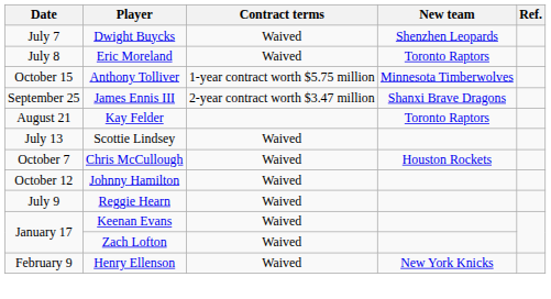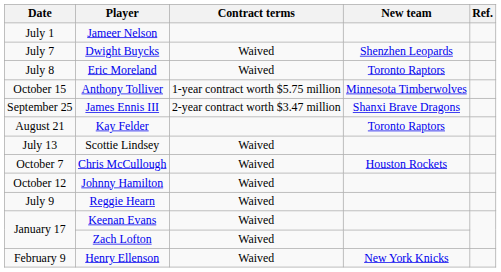 <table class="wikitable sortable sortable" style="text-align: center">
 <tr>
 <th>Date</th>
 <th>Player</th>
 <th>Contract terms</th>
 <th>New team</th>
 <th>Ref.</th>
+</tr>
+<tr style="text-align: center">
+<td>July 1</td>
+<td><a href='#'>Jameer Nelson</a></td>
+<td></td>
+<td></td>
+<td></td>
 </tr>
 <tr style="text-align: center">
 <td>July 7</td>
 <td><a href='#'>Dwight Buycks</a></td>
 <td>Waived</td>
 <td> <a href='#'>Shenzhen Leopards</a></td>
 <td></td>
 </tr>
 <tr style="text-align: center">
 <td>July 8</td>
 <td><a href='#'>Eric Moreland</a></td>
 <td>Waived</td>
 <td><a href='#'>Toronto Raptors</a></td>
 <td></td>
 </tr>
 <tr style="text-align: center">
 <td>October 15</td>
 <td><a href='#'>Anthony Tolliver</a></td>
 <td>1-year contract worth $5.75 million</td>
 <td><a href='#'>Minnesota Timberwolves</a></td>
 <td></td>
 </tr>
 <tr style="text-align: center">
 <td>September 25</td>
 <td><a href='#'>James Ennis III</a></td>
 <td>2-year contract worth $3.47 million</td>
 <td> <a href='#'>Shanxi Brave Dragons</a></td>
 <td></td>
 </tr>
 <tr style="text-align: center">
 <td>August 21</td>
 <td><a href='#'>Kay Felder</a></td>
 <td></td>
 <td><a href='#'>Toronto Raptors</a></td>
 <td></td>
 </tr>
 <tr style="text-align: center">
 <td>July 13</td>
 <td>Scottie Lindsey</td>
 <td>Waived</td>
 <td></td>
 <td></td>
 </tr>
 <tr style="text-align: center">
 <td>October 7</td>
 <td><a href='#'>Chris McCullough</a></td>
 <td>Waived</td>
 <td><a href='#'>Houston Rockets</a></td>
 <td></td>
 </tr>
 <tr style="text-align: center">
 <td>October 12</td>
 <td><a href='#'>Johnny Hamilton</a></td>
 <td>Waived</td>
 <td></td>
 <td></td>
 </tr>
 <tr style="text-align: center">
 <td>July 9</td>
 <td><a href='#'>Reggie Hearn</a></td>
 <td>Waived</td>
 <td></td>
 <td></td>
 </tr>
 <tr style="text-align: center">
 <td rowspan="2">January 17</td>
 <td><a href='#'>Keenan Evans</a></td>
 <td>Waived</td>
 <td></td>
 <td rowspan="2"></td>
 </tr>
 <tr style="text-align: center">
 <td><a href='#'>Zach Lofton</a></td>
 <td>Waived</td>
 <td></td>
 </tr>
 <tr style="text-align: center">
 <td>February 9</td>
 <td><a href='#'>Henry Ellenson</a></td>
 <td>Waived</td>
 <td><a href='#'>New York Knicks</a></td>
 <td></td>
 </tr>
 </table>
